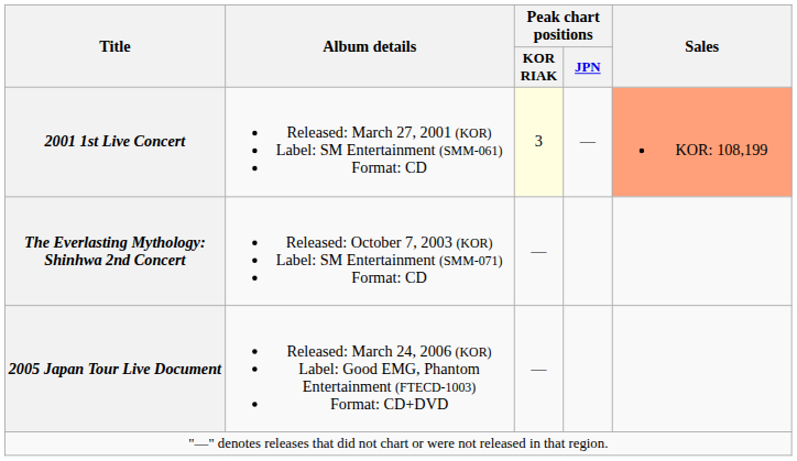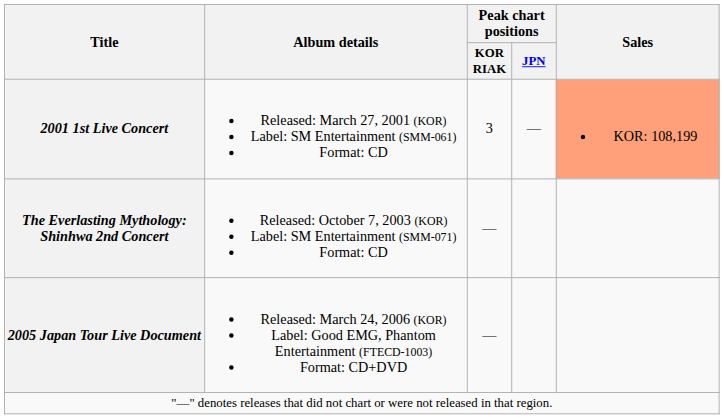 <table class="wikitable plainrowheaders" style="text-align:center;">
 <tr>
 <th scope="col" rowspan="2">Title</th>
 <th scope="col" rowspan="2" style="width:18em;">Album details</th>
 <th scope="col" colspan="2">Peak chart positions</th>
 <th scope="col" rowspan="2" style="width:11em;">Sales</th>
 </tr>
 <tr>
 <th scope="col" style="width:3em;font-size:90%;">KOR RIAK<br></th>
 <th scope="col" style="width:3em;font-size:90%;"><a href='#'>JPN</a><br></th>
 </tr>
 <tr>
 <th scope="row"><em>2001 1st Live Concert</em></th>
 <td><br><ul><li>Released: March 27, 2001 <small>(KOR)</small></li><li>Label: SM Entertainment <small>(SMM-061)</small></li><li>Format: CD</li></ul></td>
-<td style="background: lightyellow; text-align:center;">3</td>
+<td style="text-align:center;">3</td>
 <td style="text-align:center;">—</td>
 <td style="background: lightsalmon;"><br><ul><li>KOR: 108,199</li></ul></td>
 </tr>
 <tr>
 <th scope="row"><em>The Everlasting Mythology:<br>Shinhwa 2nd Concert</em></th>
 <td><br><ul><li>Released: October 7, 2003 <small>(KOR)</small></li><li>Label: SM Entertainment <small>(SMM-071)</small></li><li>Format: CD</li></ul></td>
 <td style="text-align:center;">—</td>
 <td style="text-align:center;"></td>
 <td></td>
 </tr>
 <tr>
 <th scope="row"><em>2005 Japan Tour Live Document</em></th>
 <td><br><ul><li>Released: March 24, 2006 <small>(KOR)</small></li><li>Label: Good EMG, Phantom Entertainment <small>(FTECD-1003)</small></li><li>Format: CD+DVD</li></ul></td>
 <td style="text-align:center;">—</td>
 <td style="text-align:center;"></td>
 <td></td>
 </tr>
 <tr>
 <td colspan="6" style="font-size:90%">"—" denotes releases that did not chart or were not released in that region.</td>
 </tr>
 </table>
